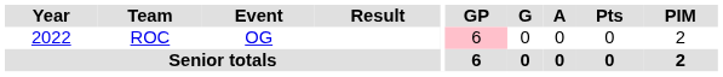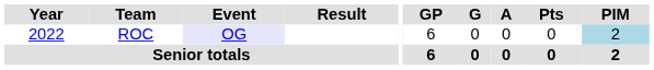 <table border="0" cellpadding="1" cellspacing="0" ID="Table3" style="text-align:center; width:40em">
 <tr ALIGN="center" bgcolor="#e0e0e0">
 <th>Year</th>
 <th>Team</th>
 <th>Event</th>
 <th>Result</th>
 <th rowspan="99" bgcolor="#ffffff"></th>
 <th>GP</th>
 <th>G</th>
 <th>A</th>
 <th>Pts</th>
 <th>PIM</th>
 </tr>
 <tr>
 <td><a href='#'>2022</a></td>
 <td><a href='#'>ROC</a></td>
-<td><a href='#'>OG</a></td>
+<td style="background: lavender;"><a href='#'>OG</a></td>
 <td></td>
-<td style="background: pink;">6</td>
+<td>6</td>
 <td>0</td>
 <td>0</td>
 <td>0</td>
-<td>2</td>
+<td style="background: lightblue;">2</td>
 </tr>
 <tr bgcolor="#e0e0e0">
 <th colspan="4">Senior totals</th>
 <th>6</th>
 <th>0</th>
 <th>0</th>
 <th>0</th>
 <th>2</th>
 </tr>
 </table>
